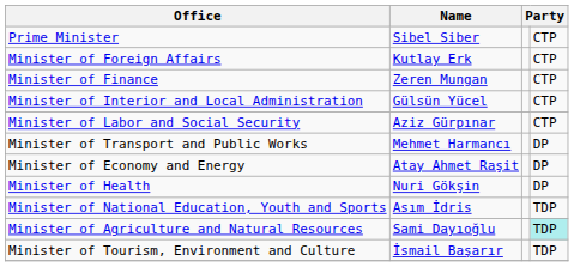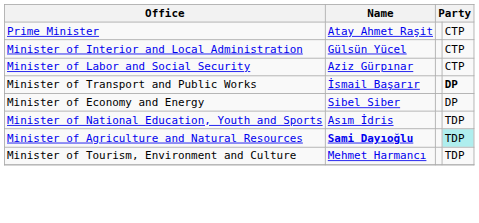 <table class="wikitable">
 <tr>
 <th>Office</th>
 <th>Name</th>
 <th colspan="2">Party</th>
 </tr>
 <tr>
 <td><a href='#'>Prime Minister</a></td>
-<td><a href='#'>Sibel Siber</a></td>
-<td style="background-color: "></td>
-<td>CTP</td>
-</tr>
-<tr>
-<td><a href='#'>Minister of Foreign Affairs</a></td>
-<td><a href='#'>Kutlay Erk</a></td>
-<td style="background-color: "></td>
-<td>CTP</td>
-</tr>
-<tr>
-<td><a href='#'>Minister of Finance</a></td>
-<td><a href='#'>Zeren Mungan</a></td>
+<td><a href='#'>Atay Ahmet Raşit</a></td>
 <td style="background-color: "></td>
 <td>CTP</td>
 </tr>
 <tr>
 <td><a href='#'>Minister of Interior and Local Administration</a></td>
 <td><a href='#'>Gülsün Yücel</a></td>
 <td style="background-color: "></td>
 <td>CTP</td>
 </tr>
 <tr>
 <td><a href='#'>Minister of Labor and Social Security</a></td>
 <td><a href='#'>Aziz Gürpınar</a></td>
 <td style="background-color: "></td>
 <td>CTP</td>
 </tr>
 <tr>
 <td>Minister of Transport and Public Works</td>
-<td><a href='#'>Mehmet Harmancı</a></td>
+<td><a href='#'>İsmail Başarır</a></td>
 <td style="background-color:"></td>
-<td>DP</td>
+<td><strong>DP</strong></td>
 </tr>
 <tr>
 <td>Minister of Economy and Energy</td>
-<td><a href='#'>Atay Ahmet Raşit</a></td>
+<td><a href='#'>Sibel Siber</a></td>
 <td style="background-color:"></td>
-<td>DP</td>
-</tr>
-<tr>
-<td><a href='#'>Minister of Health</a></td>
-<td><a href='#'>Nuri Gökşin</a></td>
-<td style="background-color: "></td>
 <td>DP</td>
 </tr>
 <tr>
 <td><a href='#'>Minister of National Education, Youth and Sports</a></td>
 <td><a href='#'>Asım İdris</a></td>
 <td style="background-color:"></td>
 <td>TDP</td>
 </tr>
 <tr>
 <td><a href='#'>Minister of Agriculture and Natural Resources</a></td>
-<td><a href='#'>Sami Dayıoğlu</a></td>
+<td><strong><a href='#'>Sami Dayıoğlu</a></strong></td>
 <td style="background-color: "></td>
 <td style="background: paleturquoise;">TDP</td>
 </tr>
 <tr>
 <td>Minister of Tourism, Environment and Culture</td>
-<td><a href='#'>İsmail Başarır</a></td>
+<td><a href='#'>Mehmet Harmancı</a></td>
 <td style="background-color:"></td>
 <td>TDP</td>
 </tr>
 <tr>
 </tr>
 </table>
